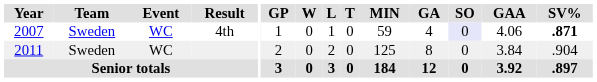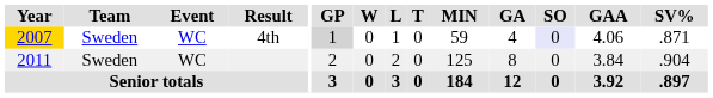 <table border="0" cellpadding="1" cellspacing="0" ID="Table3" style="text-align:center; width:40em">
 <tr ALIGN="center" bgcolor="#e0e0e0">
 <th>Year</th>
 <th>Team</th>
 <th>Event</th>
 <th>Result</th>
 <th rowspan="99" bgcolor="#ffffff"></th>
 <th>GP</th>
 <th>W</th>
 <th>L</th>
 <th>T</th>
 <th>MIN</th>
 <th>GA</th>
 <th>SO</th>
 <th>GAA</th>
 <th>SV%</th>
 </tr>
 <tr align="center">
-<td><a href='#'>2007</a></td>
+<td style="background: gold;"><a href='#'>2007</a></td>
 <td><a href='#'>Sweden</a></td>
 <td><a href='#'>WC</a></td>
 <td>4th</td>
-<td>1</td>
+<td style="background: lightgrey;">1</td>
 <td>0</td>
 <td>1</td>
 <td>0</td>
 <td>59</td>
 <td>4</td>
 <td style="background: lavender;">0</td>
 <td>4.06</td>
-<td><strong>.871</strong></td>
+<td>.871</td>
 </tr>
 <tr align="center" bgcolor="#f0f0f0">
 <td><a href='#'>2011</a></td>
 <td>Sweden</td>
 <td>WC</td>
 <td></td>
 <td>2</td>
 <td>0</td>
 <td>2</td>
 <td>0</td>
 <td>125</td>
 <td>8</td>
 <td>0</td>
 <td>3.84</td>
 <td>.904</td>
 </tr>
 <tr align="center" bgcolor="#e0e0e0">
 <th colspan="4" align="center">Senior totals</th>
 <th>3</th>
 <th>0</th>
 <th>3</th>
 <th>0</th>
 <th>184</th>
 <th>12</th>
 <th>0</th>
 <th>3.92</th>
 <th>.897</th>
 </tr>
 </table>
